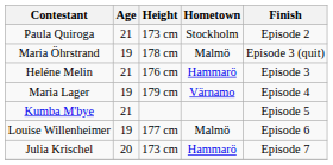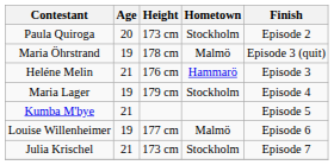 <table class="wikitable" style="text-align:center;">
 <tr>
 <th colspan="1">Contestant</th>
 <th colspan="1">Age</th>
 <th colspan="1">Height</th>
 <th colspan="1">Hometown</th>
 <th>Finish</th>
 </tr>
 <tr>
 <td>Paula Quiroga</td>
-<td>21</td>
+<td>20</td>
 <td>173 cm</td>
 <td>Stockholm</td>
 <td>Episode 2</td>
 </tr>
 <tr>
 <td>Maria Öhrstrand</td>
 <td>19</td>
 <td>178 cm</td>
 <td>Malmö</td>
 <td>Episode 3 (quit)</td>
 </tr>
 <tr>
 <td>Heléne Melin</td>
 <td>21</td>
 <td>176 cm</td>
 <td><a href='#'>Hammarö</a></td>
 <td>Episode 3</td>
 </tr>
 <tr>
 <td>Maria Lager</td>
 <td>19</td>
 <td>179 cm</td>
-<td><a href='#'>Värnamo</a></td>
+<td>Stockholm</td>
 <td>Episode 4</td>
 </tr>
 <tr>
 <td><a href='#'>Kumba M'bye</a></td>
 <td>21</td>
 <td></td>
 <td></td>
 <td>Episode 5</td>
 </tr>
 <tr>
 <td>Louise Willenheimer</td>
 <td>19</td>
 <td>177 cm</td>
 <td>Malmö</td>
 <td>Episode 6</td>
 </tr>
 <tr>
 <td>Julia Krischel</td>
-<td>20</td>
+<td>21</td>
 <td>173 cm</td>
-<td><a href='#'>Hammarö</a></td>
+<td>Stockholm</td>
 <td>Episode 7</td>
 </tr>
 <tr>
 </tr>
 </table>
